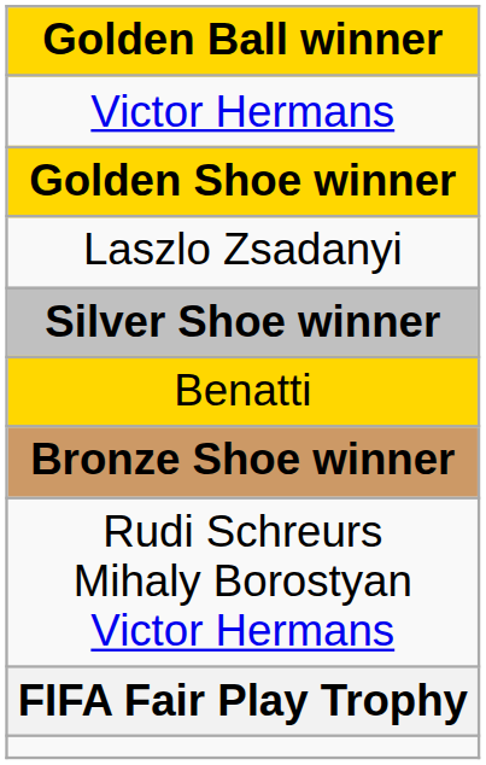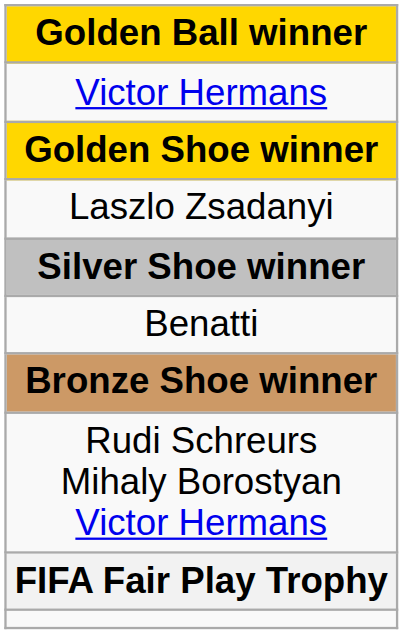 <table class="wikitable" style="margin: 0 auto;">
 <tr>
 <th style="background:gold">Golden Ball winner</th>
 </tr>
 <tr>
 <td align=center> <a href='#'>Victor Hermans</a></td>
 </tr>
 <tr>
 <th style="background:gold">Golden Shoe winner</th>
 </tr>
 <tr>
 <td align=center> Laszlo Zsadanyi</td>
 </tr>
 <tr>
 <th style="background:silver">Silver Shoe winner</th>
 </tr>
 <tr>
-<td align=center style="background: gold;"> Benatti</td>
+<td align=center> Benatti</td>
 </tr>
 <tr>
 <th style="background:#c96">Bronze Shoe winner</th>
 </tr>
 <tr>
 <td align=center> Rudi Schreurs<br> Mihaly Borostyan<br> <a href='#'>Victor Hermans</a></td>
 </tr>
 <tr>
 <th>FIFA Fair Play Trophy</th>
 </tr>
 <tr>
 <td align=center></td>
 </tr>
 </table>
